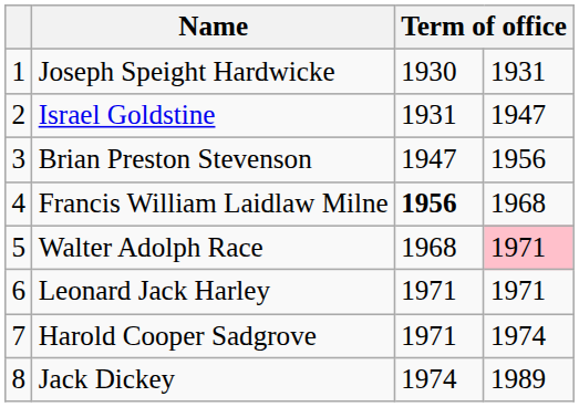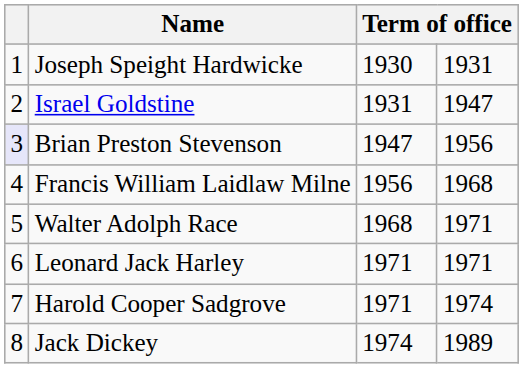 <table class="wikitable">
 <tr>
 <th></th>
 <th>Name</th>
 <th colspan=2>Term of office</th>
 </tr>
 <tr>
 <td align="center">1</td>
 <td>Joseph Speight Hardwicke</td>
 <td>1930</td>
 <td>1931</td>
 </tr>
 <tr>
 <td align="center">2</td>
 <td><a href='#'>Israel Goldstine</a></td>
 <td>1931</td>
 <td>1947</td>
 </tr>
 <tr>
-<td align="center">3</td>
+<td align="center" style="background: lavender;">3</td>
 <td>Brian Preston Stevenson</td>
 <td>1947</td>
 <td>1956</td>
 </tr>
 <tr>
 <td align="center">4</td>
 <td>Francis William Laidlaw Milne</td>
-<td><strong>1956</strong></td>
+<td>1956</td>
 <td>1968</td>
 </tr>
 <tr>
 <td align="center">5</td>
 <td>Walter Adolph Race</td>
 <td>1968</td>
-<td style="background: pink;">1971</td>
+<td>1971</td>
 </tr>
 <tr>
 <td align="center">6</td>
 <td>Leonard Jack Harley</td>
 <td>1971</td>
 <td>1971</td>
 </tr>
 <tr>
 <td align="center">7</td>
 <td>Harold Cooper Sadgrove</td>
 <td>1971</td>
 <td>1974</td>
 </tr>
 <tr>
 <td align="center">8</td>
 <td>Jack Dickey</td>
 <td>1974</td>
 <td>1989</td>
 </tr>
 </table>
